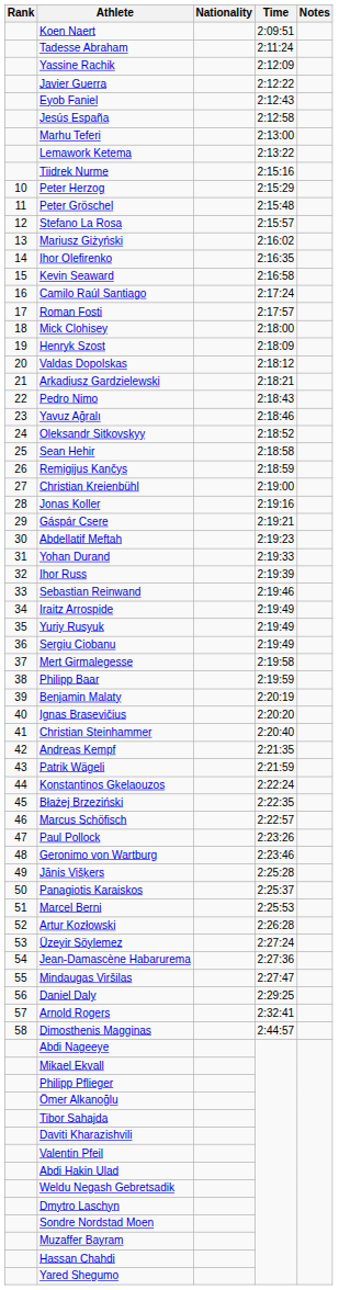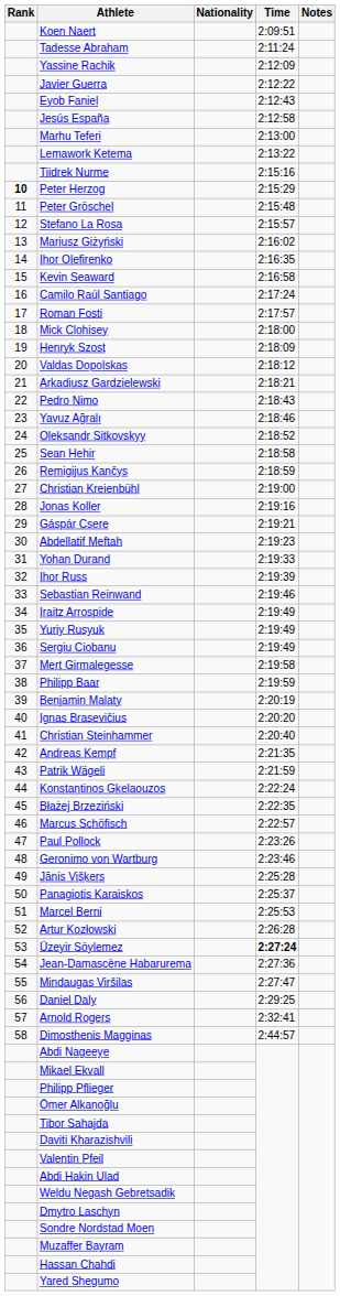 <table class="wikitable sortable" style="text-align:left">
 <tr>
 <th>Rank</th>
 <th>Athlete</th>
 <th>Nationality</th>
 <th>Time</th>
 <th>Notes</th>
 </tr>
 <tr>
 <td style="text-align:center"></td>
 <td><a href='#'>Koen Naert</a></td>
 <td></td>
 <td>2:09:51</td>
 <td><strong></strong></td>
 </tr>
 <tr>
 <td style="text-align:center"></td>
 <td><a href='#'>Tadesse Abraham</a></td>
 <td></td>
 <td>2:11:24</td>
 <td></td>
 </tr>
 <tr>
 <td style="text-align:center"></td>
 <td><a href='#'>Yassine Rachik</a></td>
 <td></td>
 <td>2:12:09</td>
 <td></td>
 </tr>
 <tr>
 <td style="text-align:center"></td>
 <td><a href='#'>Javier Guerra</a></td>
 <td></td>
 <td>2:12:22</td>
 <td></td>
 </tr>
 <tr>
 <td style="text-align:center"></td>
 <td><a href='#'>Eyob Faniel</a></td>
 <td></td>
 <td>2:12:43</td>
 <td></td>
 </tr>
 <tr>
 <td style="text-align:center"></td>
 <td><a href='#'>Jesús España</a></td>
 <td></td>
 <td>2:12:58</td>
 <td></td>
 </tr>
 <tr>
 <td style="text-align:center"></td>
 <td><a href='#'>Marhu Teferi</a></td>
 <td></td>
 <td>2:13:00</td>
 <td><strong></strong></td>
 </tr>
 <tr>
 <td style="text-align:center"></td>
 <td><a href='#'>Lemawork Ketema</a></td>
 <td></td>
 <td>2:13:22</td>
 <td></td>
 </tr>
 <tr>
 <td style="text-align:center"></td>
 <td><a href='#'>Tiidrek Nurme</a></td>
 <td></td>
 <td>2:15:16</td>
 <td></td>
 </tr>
 <tr>
-<td style="text-align:center">10</td>
+<td style="text-align:center"><strong>10</strong></td>
 <td><a href='#'>Peter Herzog</a></td>
 <td></td>
 <td>2:15:29</td>
 <td></td>
 </tr>
 <tr>
 <td style="text-align:center">11</td>
 <td><a href='#'>Peter Gröschel</a></td>
 <td></td>
 <td>2:15:48</td>
 <td></td>
 </tr>
 <tr>
 <td style="text-align:center">12</td>
 <td><a href='#'>Stefano La Rosa</a></td>
 <td></td>
 <td>2:15:57</td>
 <td></td>
 </tr>
 <tr>
 <td style="text-align:center">13</td>
 <td><a href='#'>Mariusz Giżyński</a></td>
 <td></td>
 <td>2:16:02</td>
 <td></td>
 </tr>
 <tr>
 <td style="text-align:center">14</td>
 <td><a href='#'>Ihor Olefirenko</a></td>
 <td></td>
 <td>2:16:35</td>
 <td></td>
 </tr>
 <tr>
 <td style="text-align:center">15</td>
 <td><a href='#'>Kevin Seaward</a></td>
 <td></td>
 <td>2:16:58</td>
 <td></td>
 </tr>
 <tr>
 <td style="text-align:center">16</td>
 <td><a href='#'>Camilo Raúl Santiago</a></td>
 <td></td>
 <td>2:17:24</td>
 <td></td>
 </tr>
 <tr>
 <td style="text-align:center">17</td>
 <td><a href='#'>Roman Fosti</a></td>
 <td></td>
 <td>2:17:57</td>
 <td></td>
 </tr>
 <tr>
 <td style="text-align:center">18</td>
 <td><a href='#'>Mick Clohisey</a></td>
 <td></td>
 <td>2:18:00</td>
 <td></td>
 </tr>
 <tr>
 <td style="text-align:center">19</td>
 <td><a href='#'>Henryk Szost</a></td>
 <td></td>
 <td>2:18:09</td>
 <td></td>
 </tr>
 <tr>
 <td style="text-align:center">20</td>
 <td><a href='#'>Valdas Dopolskas</a></td>
 <td></td>
 <td>2:18:12</td>
 <td></td>
 </tr>
 <tr>
 <td style="text-align:center">21</td>
 <td><a href='#'>Arkadiusz Gardzielewski</a></td>
 <td></td>
 <td>2:18:21</td>
 <td></td>
 </tr>
 <tr>
 <td style="text-align:center">22</td>
 <td><a href='#'>Pedro Nimo</a></td>
 <td></td>
 <td>2:18:43</td>
 <td></td>
 </tr>
 <tr>
 <td style="text-align:center">23</td>
 <td><a href='#'>Yavuz Ağralı</a></td>
 <td></td>
 <td>2:18:46</td>
 <td></td>
 </tr>
 <tr>
 <td style="text-align:center">24</td>
 <td><a href='#'>Oleksandr Sitkovskyy</a></td>
 <td></td>
 <td>2:18:52</td>
 <td></td>
 </tr>
 <tr>
 <td style="text-align:center">25</td>
 <td><a href='#'>Sean Hehir</a></td>
 <td></td>
 <td>2:18:58</td>
 <td></td>
 </tr>
 <tr>
 <td style="text-align:center">26</td>
 <td><a href='#'>Remigijus Kančys</a></td>
 <td></td>
 <td>2:18:59</td>
 <td></td>
 </tr>
 <tr>
 <td style="text-align:center">27</td>
 <td><a href='#'>Christian Kreienbühl</a></td>
 <td></td>
 <td>2:19:00</td>
 <td></td>
 </tr>
 <tr>
 <td style="text-align:center">28</td>
 <td><a href='#'>Jonas Koller</a></td>
 <td></td>
 <td>2:19:16</td>
 <td></td>
 </tr>
 <tr>
 <td style="text-align:center">29</td>
 <td><a href='#'>Gáspár Csere</a></td>
 <td></td>
 <td>2:19:21</td>
 <td></td>
 </tr>
 <tr>
 <td style="text-align:center">30</td>
 <td><a href='#'>Abdellatif Meftah</a></td>
 <td></td>
 <td>2:19:23</td>
 <td></td>
 </tr>
 <tr>
 <td style="text-align:center">31</td>
 <td><a href='#'>Yohan Durand</a></td>
 <td></td>
 <td>2:19:33</td>
 <td></td>
 </tr>
 <tr>
 <td style="text-align:center">32</td>
 <td><a href='#'>Ihor Russ</a></td>
 <td></td>
 <td>2:19:39</td>
 <td></td>
 </tr>
 <tr>
 <td style="text-align:center">33</td>
 <td><a href='#'>Sebastian Reinwand</a></td>
 <td></td>
 <td>2:19:46</td>
 <td></td>
 </tr>
 <tr>
 <td style="text-align:center">34</td>
 <td><a href='#'>Iraitz Arrospide</a></td>
 <td></td>
 <td>2:19:49</td>
 <td></td>
 </tr>
 <tr>
 <td style="text-align:center">35</td>
 <td><a href='#'>Yuriy Rusyuk</a></td>
 <td></td>
 <td>2:19:49</td>
 <td></td>
 </tr>
 <tr>
 <td style="text-align:center">36</td>
 <td><a href='#'>Sergiu Ciobanu</a></td>
 <td></td>
 <td>2:19:49</td>
 <td></td>
 </tr>
 <tr>
 <td style="text-align:center">37</td>
 <td><a href='#'>Mert Girmalegesse</a></td>
 <td></td>
 <td>2:19:58</td>
 <td></td>
 </tr>
 <tr>
 <td style="text-align:center">38</td>
 <td><a href='#'>Philipp Baar</a></td>
 <td></td>
 <td>2:19:59</td>
 <td></td>
 </tr>
 <tr>
 <td style="text-align:center">39</td>
 <td><a href='#'>Benjamin Malaty</a></td>
 <td></td>
 <td>2:20:19</td>
 <td></td>
 </tr>
 <tr>
 <td style="text-align:center">40</td>
 <td><a href='#'>Ignas Brasevičius</a></td>
 <td></td>
 <td>2:20:20</td>
 <td></td>
 </tr>
 <tr>
 <td style="text-align:center">41</td>
 <td><a href='#'>Christian Steinhammer</a></td>
 <td></td>
 <td>2:20:40</td>
 <td></td>
 </tr>
 <tr>
 <td style="text-align:center">42</td>
 <td><a href='#'>Andreas Kempf</a></td>
 <td></td>
 <td>2:21:35</td>
 <td></td>
 </tr>
 <tr>
 <td style="text-align:center">43</td>
 <td><a href='#'>Patrik Wägeli</a></td>
 <td></td>
 <td>2:21:59</td>
 <td></td>
 </tr>
 <tr>
 <td style="text-align:center">44</td>
 <td><a href='#'>Konstantinos Gkelaouzos</a></td>
 <td></td>
 <td>2:22:24</td>
 <td></td>
 </tr>
 <tr>
 <td style="text-align:center">45</td>
 <td><a href='#'>Błażej Brzeziński</a></td>
 <td></td>
 <td>2:22:35</td>
 <td></td>
 </tr>
 <tr>
 <td style="text-align:center">46</td>
 <td><a href='#'>Marcus Schöfisch</a></td>
 <td></td>
 <td>2:22:57</td>
 <td></td>
 </tr>
 <tr>
 <td style="text-align:center">47</td>
 <td><a href='#'>Paul Pollock</a></td>
 <td></td>
 <td>2:23:26</td>
 <td></td>
 </tr>
 <tr>
 <td style="text-align:center">48</td>
 <td><a href='#'>Geronimo von Wartburg</a></td>
 <td></td>
 <td>2:23:46</td>
 <td></td>
 </tr>
 <tr>
 <td style="text-align:center">49</td>
 <td><a href='#'>Jānis Višķers</a></td>
 <td></td>
 <td>2:25:28</td>
 <td></td>
 </tr>
 <tr>
 <td style="text-align:center">50</td>
 <td><a href='#'>Panagiotis Karaiskos</a></td>
 <td></td>
 <td>2:25:37</td>
 <td></td>
 </tr>
 <tr>
 <td style="text-align:center">51</td>
 <td><a href='#'>Marcel Berni</a></td>
 <td></td>
 <td>2:25:53</td>
 <td></td>
 </tr>
 <tr>
 <td style="text-align:center">52</td>
 <td><a href='#'>Artur Kozłowski</a></td>
 <td></td>
 <td>2:26:28</td>
 <td></td>
 </tr>
 <tr>
 <td style="text-align:center">53</td>
 <td><a href='#'>Üzeyir Söylemez</a></td>
 <td></td>
-<td>2:27:24</td>
+<td><strong>2:27:24</strong></td>
 <td></td>
 </tr>
 <tr>
 <td style="text-align:center">54</td>
 <td><a href='#'>Jean-Damascène Habarurema</a></td>
 <td></td>
 <td>2:27:36</td>
 <td></td>
 </tr>
 <tr>
 <td style="text-align:center">55</td>
 <td><a href='#'>Mindaugas Viršilas</a></td>
 <td></td>
 <td>2:27:47</td>
 <td></td>
 </tr>
 <tr>
 <td style="text-align:center">56</td>
 <td><a href='#'>Daniel Daly</a></td>
 <td></td>
 <td>2:29:25</td>
 <td></td>
 </tr>
 <tr>
 <td style="text-align:center">57</td>
 <td><a href='#'>Arnold Rogers</a></td>
 <td></td>
 <td>2:32:41</td>
 <td></td>
 </tr>
 <tr>
 <td style="text-align:center">58</td>
 <td><a href='#'>Dimosthenis Magginas</a></td>
 <td></td>
 <td>2:44:57</td>
 <td></td>
 </tr>
 <tr>
 <td style="text-align:center"></td>
 <td><a href='#'>Abdi Nageeye</a></td>
 <td></td>
 <td rowspan=14 style="text-align:center"></td>
 </tr>
 <tr>
 <td style="text-align:center"></td>
 <td><a href='#'>Mikael Ekvall</a></td>
 <td></td>
 </tr>
 <tr>
 <td style="text-align:center"></td>
 <td><a href='#'>Philipp Pflieger</a></td>
 <td></td>
 </tr>
 <tr>
 <td style="text-align:center"></td>
 <td><a href='#'>Ömer Alkanoğlu</a></td>
 <td></td>
 </tr>
 <tr>
 <td style="text-align:center"></td>
 <td><a href='#'>Tibor Sahajda</a></td>
 <td></td>
 </tr>
 <tr>
 <td style="text-align:center"></td>
 <td><a href='#'>Daviti Kharazishvili</a></td>
 <td></td>
 </tr>
 <tr>
 <td style="text-align:center"></td>
 <td><a href='#'>Valentin Pfeil</a></td>
 <td></td>
 </tr>
 <tr>
 <td style="text-align:center"></td>
 <td><a href='#'>Abdi Hakin Ulad</a></td>
 <td></td>
 </tr>
 <tr>
 <td style="text-align:center"></td>
 <td><a href='#'>Weldu Negash Gebretsadik</a></td>
 <td></td>
 </tr>
 <tr>
 <td style="text-align:center"></td>
 <td><a href='#'>Dmytro Laschyn</a></td>
 <td></td>
 </tr>
 <tr>
 <td style="text-align:center"></td>
 <td><a href='#'>Sondre Nordstad Moen</a></td>
 <td></td>
 </tr>
 <tr>
 <td style="text-align:center"></td>
 <td><a href='#'>Muzaffer Bayram</a></td>
 <td></td>
 </tr>
 <tr>
 <td style="text-align:center"></td>
 <td><a href='#'>Hassan Chahdi</a></td>
 <td></td>
 </tr>
 <tr>
 <td style="text-align:center"></td>
 <td><a href='#'>Yared Shegumo</a></td>
 <td></td>
 </tr>
 </table>
